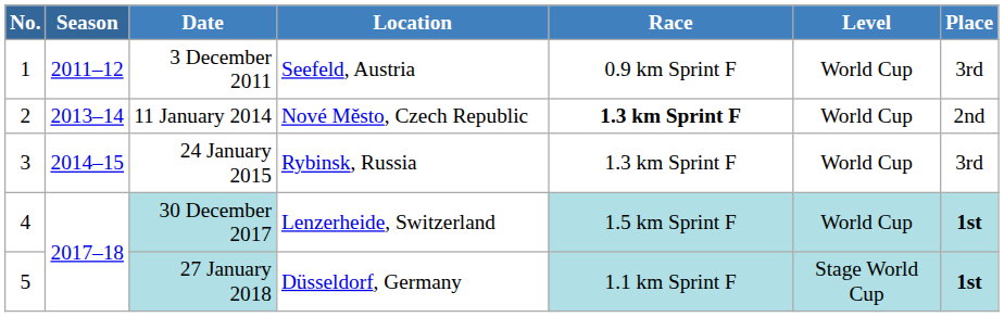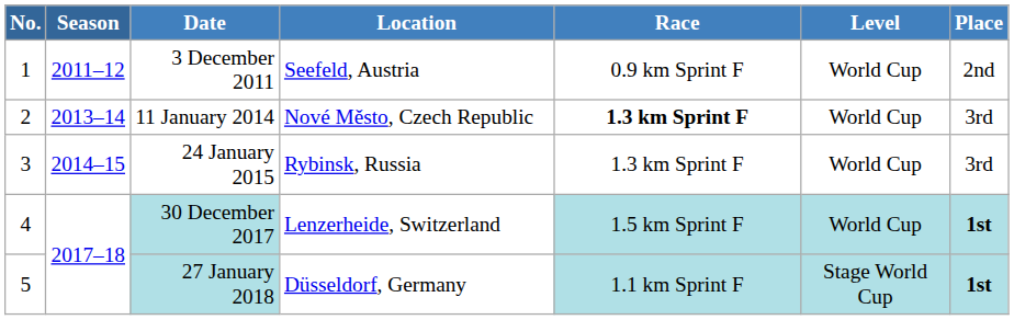 <table class="wikitable sortable" style="font-size:95%; text-align:center; border:grey solid 1px; border-collapse:collapse; background:#ffffff;">
 <tr style="background:#efefef;">
 <th style="background-color:#369; color:white;">No.</th>
 <th style="background-color:#369; color:white;">Season</th>
 <th style="background-color:#4180be; color:white; width:100px;">Date</th>
 <th style="background-color:#4180be; color:white; width:190px;">Location</th>
 <th style="background-color:#4180be; color:white; width:170px;">Race</th>
 <th style="background-color:#4180be; color:white; width:100px;">Level</th>
 <th style="background-color:#4180be; color:white;">Place</th>
 </tr>
 <tr>
 <td align=center>1</td>
 <td align=center><a href='#'>2011–12</a></td>
 <td align=right>3 December 2011</td>
 <td align=left> <a href='#'>Seefeld</a>, Austria</td>
 <td>0.9 km Sprint F</td>
 <td>World Cup</td>
-<td>3rd</td>
+<td>2nd</td>
 </tr>
 <tr>
 <td align=center>2</td>
 <td align=center><a href='#'>2013–14</a></td>
 <td align=right>11 January 2014</td>
 <td align=left> <a href='#'>Nové Město</a>, Czech Republic</td>
 <td><strong>1.3 km Sprint F</strong></td>
 <td>World Cup</td>
-<td>2nd</td>
+<td>3rd</td>
 </tr>
 <tr>
 <td align=center>3</td>
 <td align=center><a href='#'>2014–15</a></td>
 <td align=right>24 January 2015</td>
 <td align=left> <a href='#'>Rybinsk</a>, Russia</td>
 <td>1.3 km Sprint F</td>
 <td>World Cup</td>
 <td>3rd</td>
 </tr>
 <tr>
 <td align=center>4</td>
 <td rowspan=2 align=center><a href='#'>2017–18</a></td>
 <td bgcolor="#BOEOE6" align=right>30 December 2017</td>
 <td align=left> <a href='#'>Lenzerheide</a>, Switzerland</td>
 <td bgcolor="#BOEOE6">1.5 km Sprint F</td>
 <td bgcolor="#BOEOE6">World Cup</td>
 <td bgcolor="#BOEOE6"><strong>1st</strong></td>
 </tr>
 <tr>
 <td align=center>5</td>
 <td bgcolor="#BOEOE6" align=right>27 January 2018</td>
 <td align=left> <a href='#'>Düsseldorf</a>, Germany</td>
 <td bgcolor="#BOEOE6">1.1 km Sprint F</td>
 <td bgcolor="#BOEOE6">Stage World Cup</td>
 <td bgcolor="#BOEOE6"><strong>1st</strong></td>
 </tr>
 </table>
